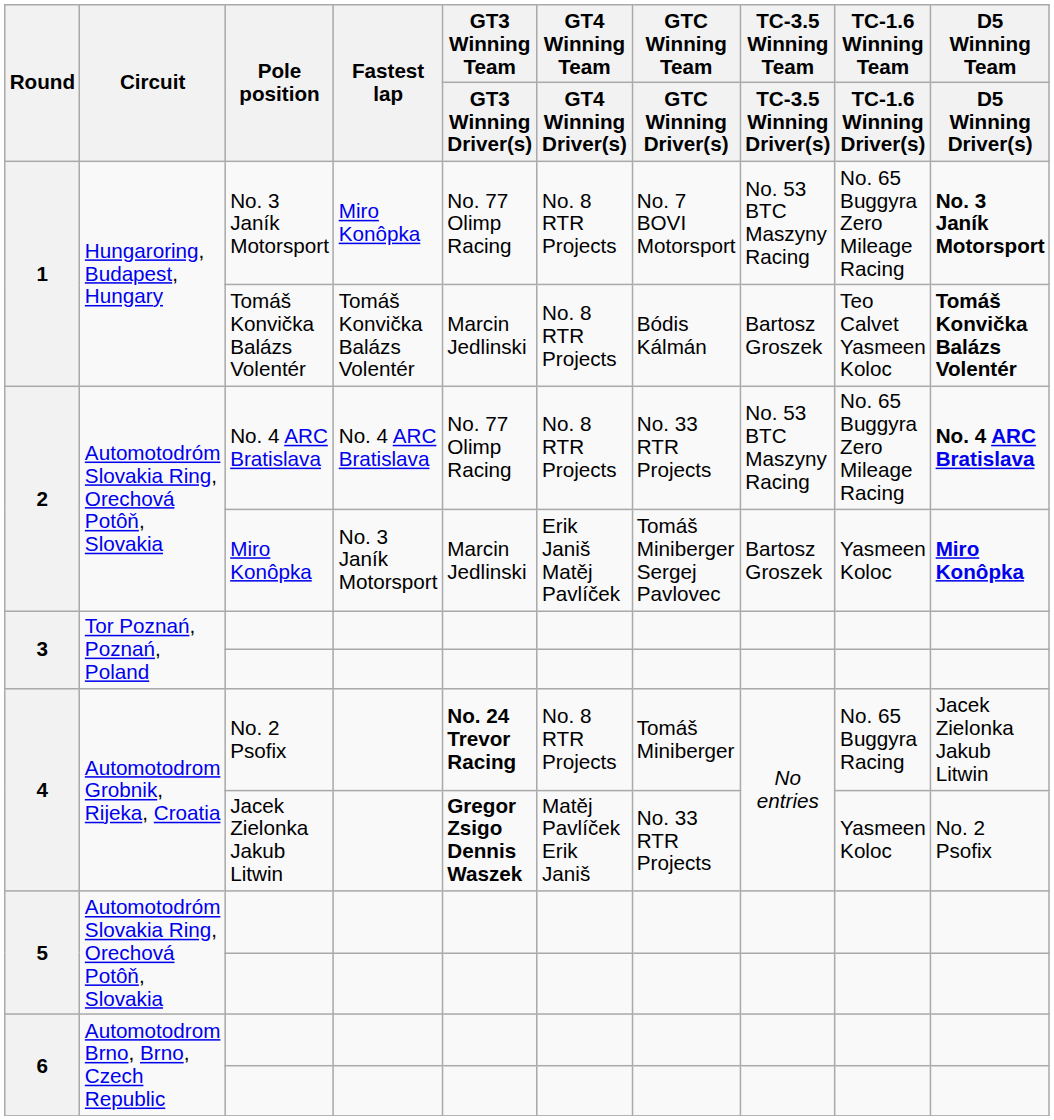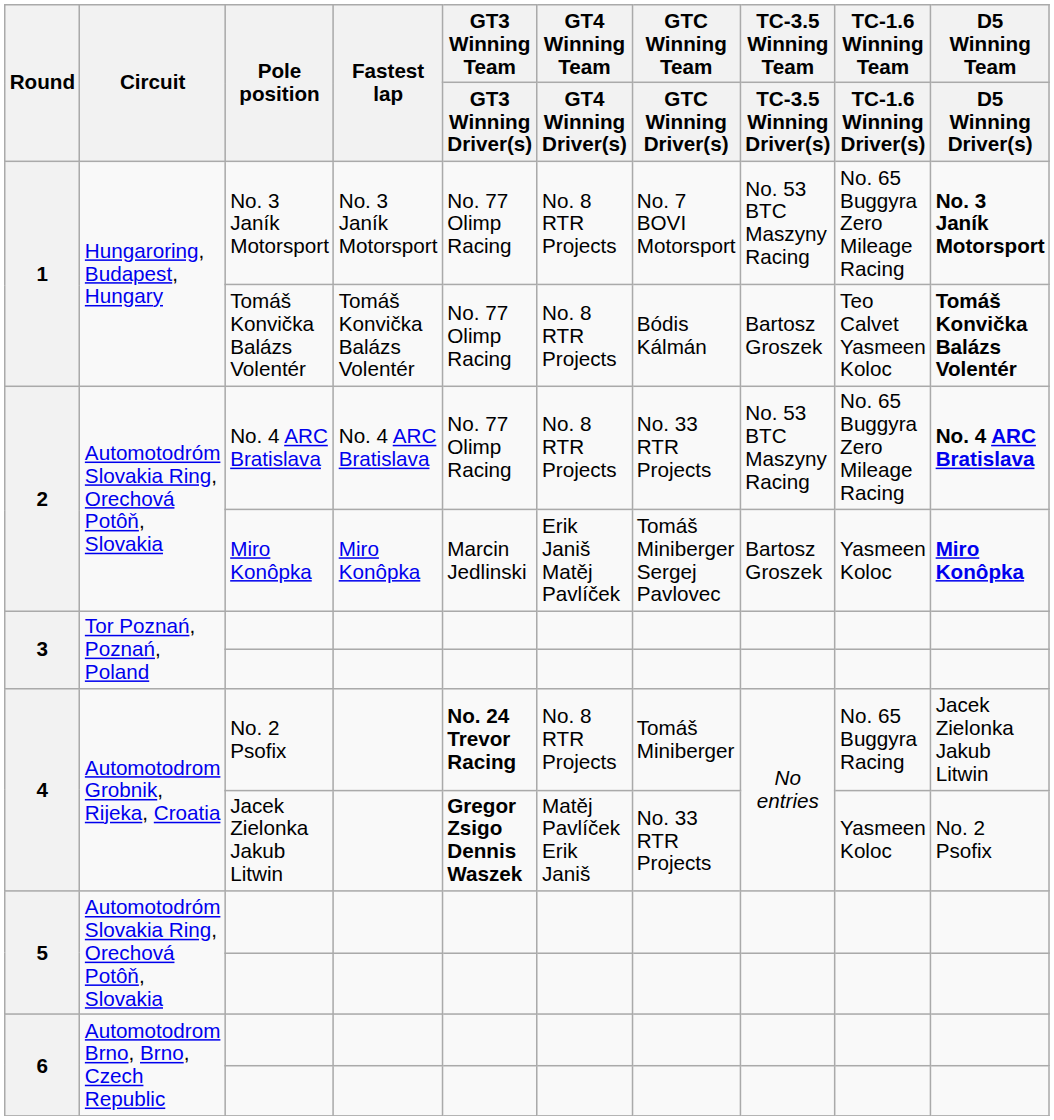 <table class="wikitable" style="font-size: 85%;">
 <tr>
 <th rowspan="2">Round</th>
 <th rowspan="2">Circuit</th>
 <th rowspan="2">Pole position</th>
 <th rowspan="2">Fastest lap</th>
 <th>GT3 Winning Team</th>
 <th>GT4 Winning Team</th>
 <th>GTC Winning Team</th>
 <th>TC-3.5 Winning Team</th>
 <th>TC-1.6 Winning Team</th>
 <th>D5 Winning Team</th>
 </tr>
 <tr>
 <th>GT3 Winning Driver(s)</th>
 <th>GT4 Winning Driver(s)</th>
 <th>GTC Winning Driver(s)</th>
 <th>TC-3.5 Winning Driver(s)</th>
 <th>TC-1.6 Winning Driver(s)</th>
 <th>D5 Winning Driver(s)</th>
 </tr>
 <tr>
 <th rowspan="2">1</th>
 <td rowspan="2"> <a href='#'>Hungaroring</a>, <a href='#'>Budapest</a>, <a href='#'>Hungary</a></td>
 <td> No. 3 Janík Motorsport</td>
-<td> <a href='#'>Miro Konôpka</a></td>
+<td> No. 3 Janík Motorsport</td>
 <td> No. 77 Olimp Racing</td>
 <td> No. 8 RTR Projects</td>
 <td> No. 7 BOVI Motorsport</td>
 <td> No. 53 BTC Maszyny Racing</td>
 <td> No. 65 Buggyra Zero Mileage Racing</td>
 <td><strong> No. 3 Janík Motorsport</strong></td>
 </tr>
 <tr>
 <td> Tomáš Konvička<br> Balázs Volentér</td>
 <td> Tomáš Konvička<br> Balázs Volentér</td>
-<td> Marcin Jedlinski</td>
+<td> No. 77 Olimp Racing</td>
 <td> No. 8 RTR Projects</td>
 <td> Bódis Kálmán</td>
 <td> Bartosz Groszek</td>
 <td> Teo Calvet<br> Yasmeen Koloc</td>
 <td><strong> Tomáš Konvička<br> Balázs Volentér</strong></td>
 </tr>
 <tr>
 <th rowspan="2">2</th>
 <td rowspan="2"> <a href='#'>Automotodróm Slovakia Ring</a>, <a href='#'>Orechová Potôň</a>, <a href='#'>Slovakia</a></td>
 <td> No. 4 <a href='#'>ARC Bratislava</a></td>
 <td> No. 4 <a href='#'>ARC Bratislava</a></td>
 <td> No. 77 Olimp Racing</td>
 <td> No. 8 RTR Projects</td>
 <td> No. 33 RTR Projects</td>
 <td> No. 53 BTC Maszyny Racing</td>
 <td> No. 65 Buggyra Zero Mileage Racing</td>
 <td><strong> No. 4 <a href='#'>ARC Bratislava</a></strong></td>
 </tr>
 <tr>
 <td> <a href='#'>Miro Konôpka</a></td>
-<td> No. 3 Janík Motorsport</td>
+<td> <a href='#'>Miro Konôpka</a></td>
 <td> Marcin Jedlinski</td>
 <td> Erik Janiš<br> Matěj Pavlíček</td>
 <td> Tomáš Miniberger<br> Sergej Pavlovec</td>
 <td> Bartosz Groszek</td>
 <td> Yasmeen Koloc</td>
 <td><strong> <a href='#'>Miro Konôpka</a></strong></td>
 </tr>
 <tr>
 <th rowspan="2">3</th>
 <td rowspan="2"> <a href='#'>Tor Poznań</a>, <a href='#'>Poznań</a>, <a href='#'>Poland</a></td>
 <td></td>
 <td></td>
 <td></td>
 <td></td>
 <td></td>
 <td></td>
 <td></td>
 <td></td>
 </tr>
 <tr>
 <td></td>
 <td></td>
 <td></td>
 <td></td>
 <td></td>
 <td></td>
 <td></td>
 <td></td>
 </tr>
 <tr>
 <th rowspan="2">4</th>
 <td rowspan="2"> <a href='#'>Automotodrom Grobnik</a>, <a href='#'>Rijeka</a>, <a href='#'>Croatia</a></td>
 <td> No. 2 Psofix</td>
 <td></td>
 <td> <strong>No. 24 Trevor Racing</strong></td>
 <td> No. 8 RTR Projects</td>
 <td> Tomáš Miniberger</td>
 <td rowspan="2" align="center"><em>No entries</em></td>
 <td> No. 65 Buggyra Racing</td>
 <td> Jacek Zielonka<br> Jakub Litwin</td>
 </tr>
 <tr>
 <td> Jacek Zielonka<br> Jakub Litwin</td>
 <td></td>
 <td> <strong>Gregor Zsigo</strong><br> <strong>Dennis Waszek</strong></td>
 <td> Matěj Pavlíček<br> Erik Janiš</td>
 <td> No. 33 RTR Projects</td>
 <td> Yasmeen Koloc</td>
 <td> No. 2 Psofix</td>
 </tr>
 <tr>
 <th rowspan="2">5</th>
 <td rowspan="2"> <a href='#'>Automotodróm Slovakia Ring</a>, <a href='#'>Orechová Potôň</a>, <a href='#'>Slovakia</a></td>
 <td></td>
 <td></td>
 <td></td>
 <td></td>
 <td></td>
 <td></td>
 <td></td>
 <td></td>
 </tr>
 <tr>
 <td></td>
 <td></td>
 <td></td>
 <td></td>
 <td></td>
 <td></td>
 <td></td>
 <td></td>
 </tr>
 <tr>
 <th rowspan="2">6</th>
 <td rowspan="2"> <a href='#'>Automotodrom Brno</a>, <a href='#'>Brno</a>, <a href='#'>Czech Republic</a></td>
 <td></td>
 <td></td>
 <td></td>
 <td></td>
 <td></td>
 <td></td>
 <td></td>
 <td></td>
 </tr>
 <tr>
 <td></td>
 <td></td>
 <td></td>
 <td></td>
 <td></td>
 <td></td>
 <td></td>
 <td></td>
 </tr>
 </table>
